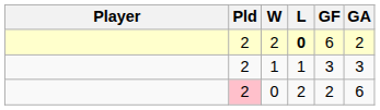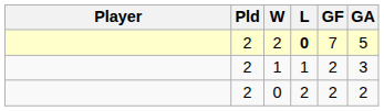 <table class=wikitable style="text-align:center">
 <tr>
 <th width=220>Player</th>
 <th width=20>Pld</th>
 <th width=20>W</th>
 <th width=20>L</th>
 <th width=20>GF</th>
 <th width=20>GA</th>
 </tr>
 <tr bgcolor=#ffffcc>
 <td align=left></td>
 <td>2</td>
 <td>2</td>
 <td><strong>0</strong></td>
-<td>6</td>
-<td>2</td>
+<td>7</td>
+<td>5</td>
 </tr>
 <tr>
 <td align=left></td>
 <td>2</td>
 <td>1</td>
 <td>1</td>
-<td>3</td>
+<td>2</td>
 <td>3</td>
 </tr>
 <tr>
 <td align=left></td>
-<td style="background: pink;">2</td>
+<td>2</td>
 <td>0</td>
 <td>2</td>
 <td>2</td>
-<td>6</td>
+<td>2</td>
 </tr>
 </table>
